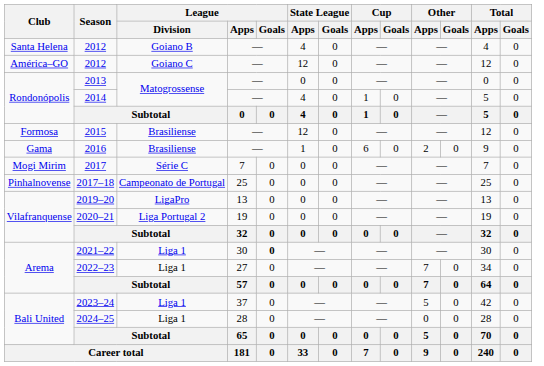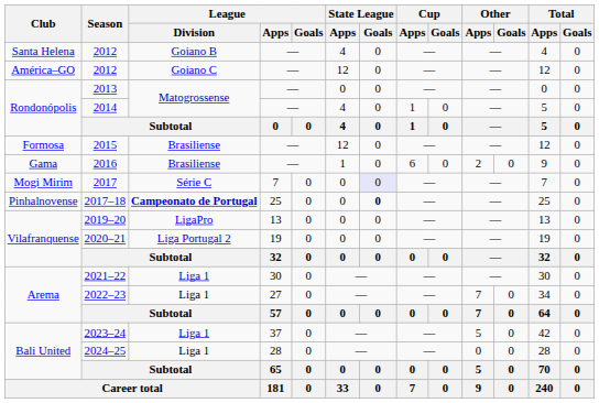 <table class="wikitable" style="text-align: center;">
 <tr>
 <th rowspan="2">Club</th>
 <th rowspan="2">Season</th>
 <th colspan="3">League</th>
 <th colspan="2">State League</th>
 <th colspan="2">Cup</th>
 <th colspan="2">Other</th>
 <th colspan="2">Total</th>
 </tr>
 <tr>
 <th>Division</th>
 <th>Apps</th>
 <th>Goals</th>
 <th>Apps</th>
 <th>Goals</th>
 <th>Apps</th>
 <th>Goals</th>
 <th>Apps</th>
 <th>Goals</th>
 <th>Apps</th>
 <th>Goals</th>
 </tr>
 <tr>
 <td valign="center"><a href='#'>Santa Helena</a></td>
 <td><a href='#'>2012</a></td>
 <td><a href='#'>Goiano B</a></td>
 <td colspan="2">—</td>
 <td>4</td>
 <td>0</td>
 <td colspan="2">—</td>
 <td colspan="2">—</td>
 <td>4</td>
 <td>0</td>
 </tr>
 <tr>
 <td valign="center"><a href='#'>América–GO</a></td>
 <td><a href='#'>2012</a></td>
 <td><a href='#'>Goiano C</a></td>
 <td colspan="2">—</td>
 <td>12</td>
 <td>0</td>
 <td colspan="2">—</td>
 <td colspan="2">—</td>
 <td>12</td>
 <td>0</td>
 </tr>
 <tr>
 <td rowspan=3 valign="center"><a href='#'>Rondonópolis</a></td>
 <td><a href='#'>2013</a></td>
 <td rowspan=2><a href='#'>Matogrossense</a></td>
 <td colspan="2">—</td>
 <td>0</td>
 <td>0</td>
 <td colspan="2">—</td>
 <td colspan="2">—</td>
 <td>0</td>
 <td>0</td>
 </tr>
 <tr>
 <td><a href='#'>2014</a></td>
 <td colspan="2">—</td>
 <td>4</td>
 <td>0</td>
 <td>1</td>
 <td>0</td>
 <td colspan="2">—</td>
 <td>5</td>
 <td>0</td>
 </tr>
 <tr>
 <th colspan="2">Subtotal</th>
 <th>0</th>
 <th>0</th>
 <th>4</th>
 <th>0</th>
 <th>1</th>
 <th>0</th>
 <th colspan="2">—</th>
 <th>5</th>
 <th>0</th>
 </tr>
 <tr>
 <td valign="center"><a href='#'>Formosa</a></td>
 <td><a href='#'>2015</a></td>
 <td><a href='#'>Brasiliense</a></td>
 <td colspan="2">—</td>
 <td>12</td>
 <td>0</td>
 <td colspan="2">—</td>
 <td colspan="2">—</td>
 <td>12</td>
 <td>0</td>
 </tr>
 <tr>
 <td valign="center"><a href='#'>Gama</a></td>
 <td><a href='#'>2016</a></td>
 <td><a href='#'>Brasiliense</a></td>
 <td colspan="2">—</td>
 <td>1</td>
 <td>0</td>
 <td>6</td>
 <td>0</td>
 <td>2</td>
 <td>0</td>
 <td>9</td>
 <td>0</td>
 </tr>
 <tr>
 <td valign="center"><a href='#'>Mogi Mirim</a></td>
 <td><a href='#'>2017</a></td>
 <td><a href='#'>Série C</a></td>
 <td>7</td>
 <td>0</td>
 <td>0</td>
-<td>0</td>
+<td style="background: lavender;">0</td>
 <td colspan="2">—</td>
 <td colspan="2">—</td>
 <td>7</td>
 <td>0</td>
 </tr>
 <tr>
 <td valign="center"><a href='#'>Pinhalnovense</a></td>
 <td><a href='#'>2017–18</a></td>
-<td><a href='#'>Campeonato de Portugal</a></td>
+<td><strong><a href='#'>Campeonato de Portugal</a></strong></td>
 <td>25</td>
 <td>0</td>
 <td>0</td>
-<td>0</td>
+<td><strong>0</strong></td>
 <td colspan="2">—</td>
 <td colspan="2">—</td>
 <td>25</td>
 <td>0</td>
 </tr>
 <tr>
 <td rowspan=3 valign="center"><a href='#'>Vilafranquense</a></td>
 <td><a href='#'>2019–20</a></td>
 <td><a href='#'>LigaPro</a></td>
 <td>13</td>
 <td>0</td>
 <td>0</td>
 <td>0</td>
 <td colspan="2">—</td>
 <td colspan="2">—</td>
 <td>13</td>
 <td>0</td>
 </tr>
 <tr>
 <td><a href='#'>2020–21</a></td>
 <td><a href='#'>Liga Portugal 2</a></td>
 <td>19</td>
 <td>0</td>
 <td>0</td>
 <td>0</td>
 <td colspan="2">—</td>
 <td colspan="2">—</td>
 <td>19</td>
 <td>0</td>
 </tr>
 <tr>
 <th colspan="2">Subtotal</th>
 <th>32</th>
 <th>0</th>
 <th>0</th>
 <th>0</th>
 <th>0</th>
 <th>0</th>
 <th colspan="2">—</th>
 <th>32</th>
 <th>0</th>
 </tr>
 <tr>
 <td rowspan=3 valign="center"><a href='#'>Arema</a></td>
 <td><a href='#'>2021–22</a></td>
 <td><a href='#'>Liga 1</a></td>
 <td>30</td>
-<td><strong>0</strong></td>
+<td>0</td>
 <td colspan="2">—</td>
 <td colspan="2">—</td>
 <td colspan="2">—</td>
 <td>30</td>
 <td>0</td>
 </tr>
 <tr>
 <td><a href='#'>2022–23</a></td>
 <td>Liga 1</td>
 <td>27</td>
 <td>0</td>
 <td colspan="2">—</td>
 <td colspan="2">—</td>
 <td>7</td>
 <td>0</td>
 <td>34</td>
 <td>0</td>
 </tr>
 <tr>
 <th colspan="2">Subtotal</th>
 <th>57</th>
 <th>0</th>
 <th>0</th>
 <th>0</th>
 <th>0</th>
 <th>0</th>
 <th>7</th>
 <th>0</th>
 <th>64</th>
 <th>0</th>
 </tr>
 <tr>
 <td rowspan=3 valign="center"><a href='#'>Bali United</a></td>
 <td><a href='#'>2023–24</a></td>
 <td><a href='#'>Liga 1</a></td>
 <td>37</td>
 <td>0</td>
 <td colspan="2">—</td>
 <td colspan="2">—</td>
 <td>5</td>
 <td>0</td>
 <td>42</td>
 <td>0</td>
 </tr>
 <tr>
 <td><a href='#'>2024–25</a></td>
 <td>Liga 1</td>
 <td>28</td>
 <td>0</td>
 <td colspan="2">—</td>
 <td colspan="2">—</td>
 <td>0</td>
 <td>0</td>
 <td>28</td>
 <td>0</td>
 </tr>
 <tr>
 <th colspan="2">Subtotal</th>
 <th>65</th>
 <th>0</th>
 <th>0</th>
 <th>0</th>
 <th>0</th>
 <th>0</th>
 <th>5</th>
 <th>0</th>
 <th>70</th>
 <th>0</th>
 </tr>
 <tr>
 <th colspan="3"><strong>Career total</strong></th>
 <th>181</th>
 <th>0</th>
 <th>33</th>
 <th>0</th>
 <th>7</th>
 <th>0</th>
 <th>9</th>
 <th>0</th>
 <th>240</th>
 <th>0</th>
 </tr>
 </table>
